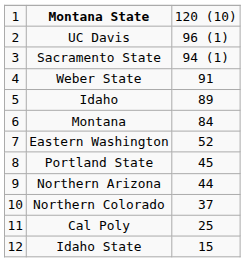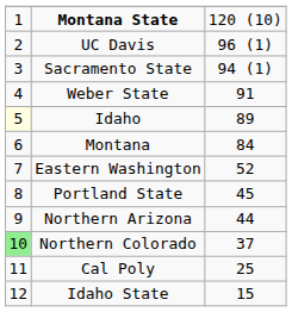 <table class="wikitable" style="display: inline-table;">
 <tr align="center">
 </tr>
 <tr align="center">
 <td>1</td>
 <td><strong>Montana State</strong></td>
 <td>120 (10)</td>
 </tr>
 <tr align="center">
 <td>2</td>
 <td>UC Davis</td>
 <td>96 (1)</td>
 </tr>
 <tr align="center">
 <td>3</td>
 <td>Sacramento State</td>
 <td>94 (1)</td>
 </tr>
 <tr align="center">
 <td>4</td>
 <td>Weber State</td>
 <td>91</td>
 </tr>
 <tr align="center">
-<td>5</td>
+<td style="background: lightyellow;">5</td>
 <td>Idaho</td>
 <td>89</td>
 </tr>
 <tr align="center">
 <td>6</td>
 <td>Montana</td>
 <td>84</td>
 </tr>
 <tr align="center">
 <td>7</td>
 <td>Eastern Washington</td>
 <td>52</td>
 </tr>
 <tr align="center">
 <td>8</td>
 <td>Portland State</td>
 <td>45</td>
 </tr>
 <tr align="center">
 <td>9</td>
 <td>Northern Arizona</td>
 <td>44</td>
 </tr>
 <tr align="center">
-<td>10</td>
+<td style="background: lightgreen;">10</td>
 <td>Northern Colorado</td>
 <td>37</td>
 </tr>
 <tr align="center">
 <td>11</td>
 <td>Cal Poly</td>
 <td>25</td>
 </tr>
 <tr align="center">
 <td>12</td>
 <td>Idaho State</td>
 <td>15</td>
 </tr>
 </table>
